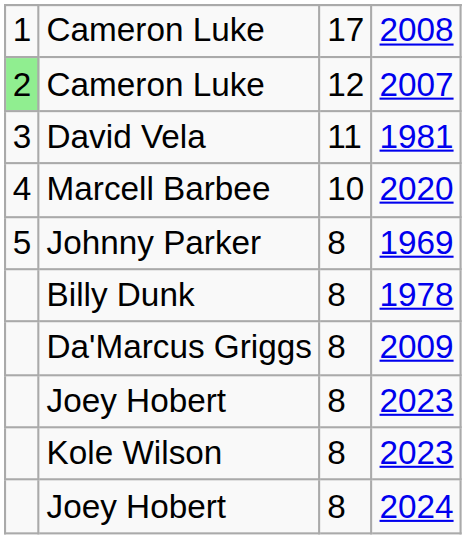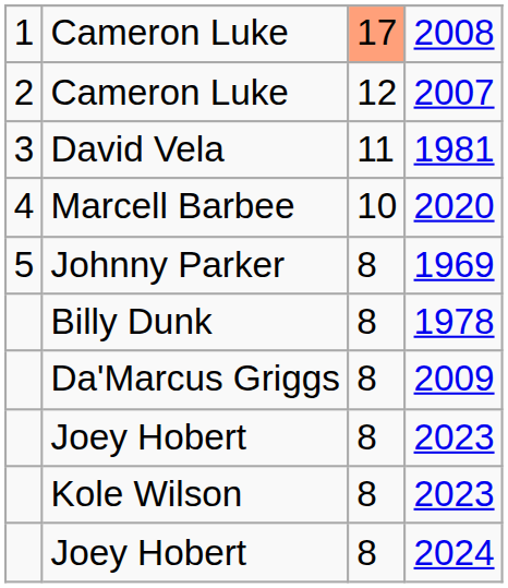 <table class="wikitable">
 <tr>
 </tr>
 <tr>
 <td>1</td>
 <td>Cameron Luke</td>
-<td>17</td>
+<td style="background: lightsalmon;">17</td>
 <td><a href='#'>2008</a></td>
 </tr>
 <tr>
-<td style="background: lightgreen;">2</td>
+<td>2</td>
 <td>Cameron Luke</td>
 <td>12</td>
 <td><a href='#'>2007</a></td>
 </tr>
 <tr>
 <td>3</td>
 <td>David Vela</td>
 <td>11</td>
 <td><a href='#'>1981</a></td>
 </tr>
 <tr>
 <td>4</td>
 <td>Marcell Barbee</td>
 <td>10</td>
 <td><a href='#'>2020</a></td>
 </tr>
 <tr>
 <td>5</td>
 <td>Johnny Parker</td>
 <td>8</td>
 <td><a href='#'>1969</a></td>
 </tr>
 <tr>
 <td></td>
 <td>Billy Dunk</td>
 <td>8</td>
 <td><a href='#'>1978</a></td>
 </tr>
 <tr>
 <td></td>
 <td>Da'Marcus Griggs</td>
 <td>8</td>
 <td><a href='#'>2009</a></td>
 </tr>
 <tr>
 <td></td>
 <td>Joey Hobert</td>
 <td>8</td>
 <td><a href='#'>2023</a></td>
 </tr>
 <tr>
 <td></td>
 <td>Kole Wilson</td>
 <td>8</td>
 <td><a href='#'>2023</a></td>
 </tr>
 <tr>
 <td></td>
 <td>Joey Hobert</td>
 <td>8</td>
 <td><a href='#'>2024</a></td>
 </tr>
 </table>
